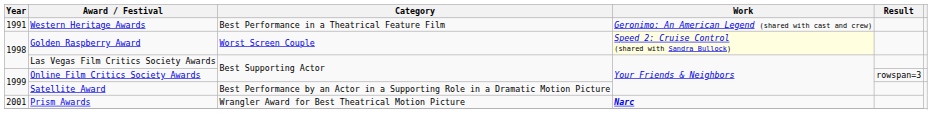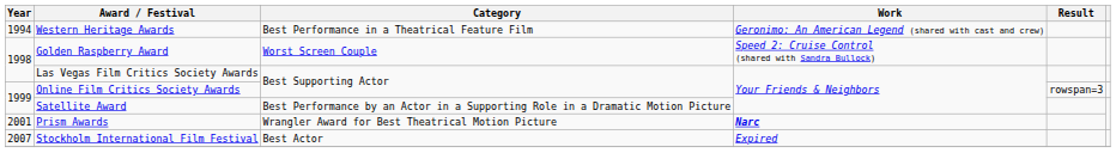 <table class="wikitable sortable plainrowheaders">
 <tr>
 <th>Year</th>
 <th>Award / Festival</th>
 <th>Category</th>
 <th>Work</th>
 <th>Result</th>
 <th scope="col" class="unsortable"></th>
 </tr>
 <tr>
-<td>1991</td>
+<td>1994</td>
 <td><a href='#'>Western Heritage Awards</a></td>
 <td>Best Performance in a Theatrical Feature Film</td>
 <td><em><a href='#'>Geronimo: An American Legend</a></em> <small>(shared with cast and crew)</small></td>
 <td></td>
 <td></td>
 </tr>
 <tr>
 <td rowspan=2>1998</td>
 <td><a href='#'>Golden Raspberry Award</a></td>
 <td><a href='#'>Worst Screen Couple</a></td>
-<td style="background: lightyellow;"><em><a href='#'>Speed 2: Cruise Control</a></em> <br><small>(shared with <a href='#'>Sandra Bullock</a>)</small></td>
+<td><em><a href='#'>Speed 2: Cruise Control</a></em> <br><small>(shared with <a href='#'>Sandra Bullock</a>)</small></td>
 <td></td>
 <td></td>
 </tr>
 <tr>
 <td>Las Vegas Film Critics Society Awards</td>
 <td rowspan=2>Best Supporting Actor</td>
 <td rowspan=3><em><a href='#'>Your Friends & Neighbors</a></em></td>
 <td></td>
 <td></td>
 </tr>
 <tr>
 <td rowspan=2>1999</td>
 <td><a href='#'>Online Film Critics Society Awards</a></td>
 <td>rowspan=3 </td>
 <td></td>
 </tr>
 <tr>
 <td><a href='#'>Satellite Award</a></td>
 <td>Best Performance by an Actor in a Supporting Role in a Dramatic Motion Picture</td>
 <td></td>
 </tr>
 <tr>
 <td>2001</td>
 <td><a href='#'>Prism Awards</a></td>
 <td>Wrangler Award for Best Theatrical Motion Picture</td>
 <td><strong><em><a href='#'>Narc</a></em></strong></td>
 <td></td>
 </tr>
 <tr>
+<td>2007</td>
+<td><a href='#'>Stockholm International Film Festival</a></td>
+<td>Best Actor</td>
+<td><em><a href='#'>Expired</a></em></td>
+<td></td>
+<td></td>
+</tr>
+<tr>
 </tr>
 </table>
